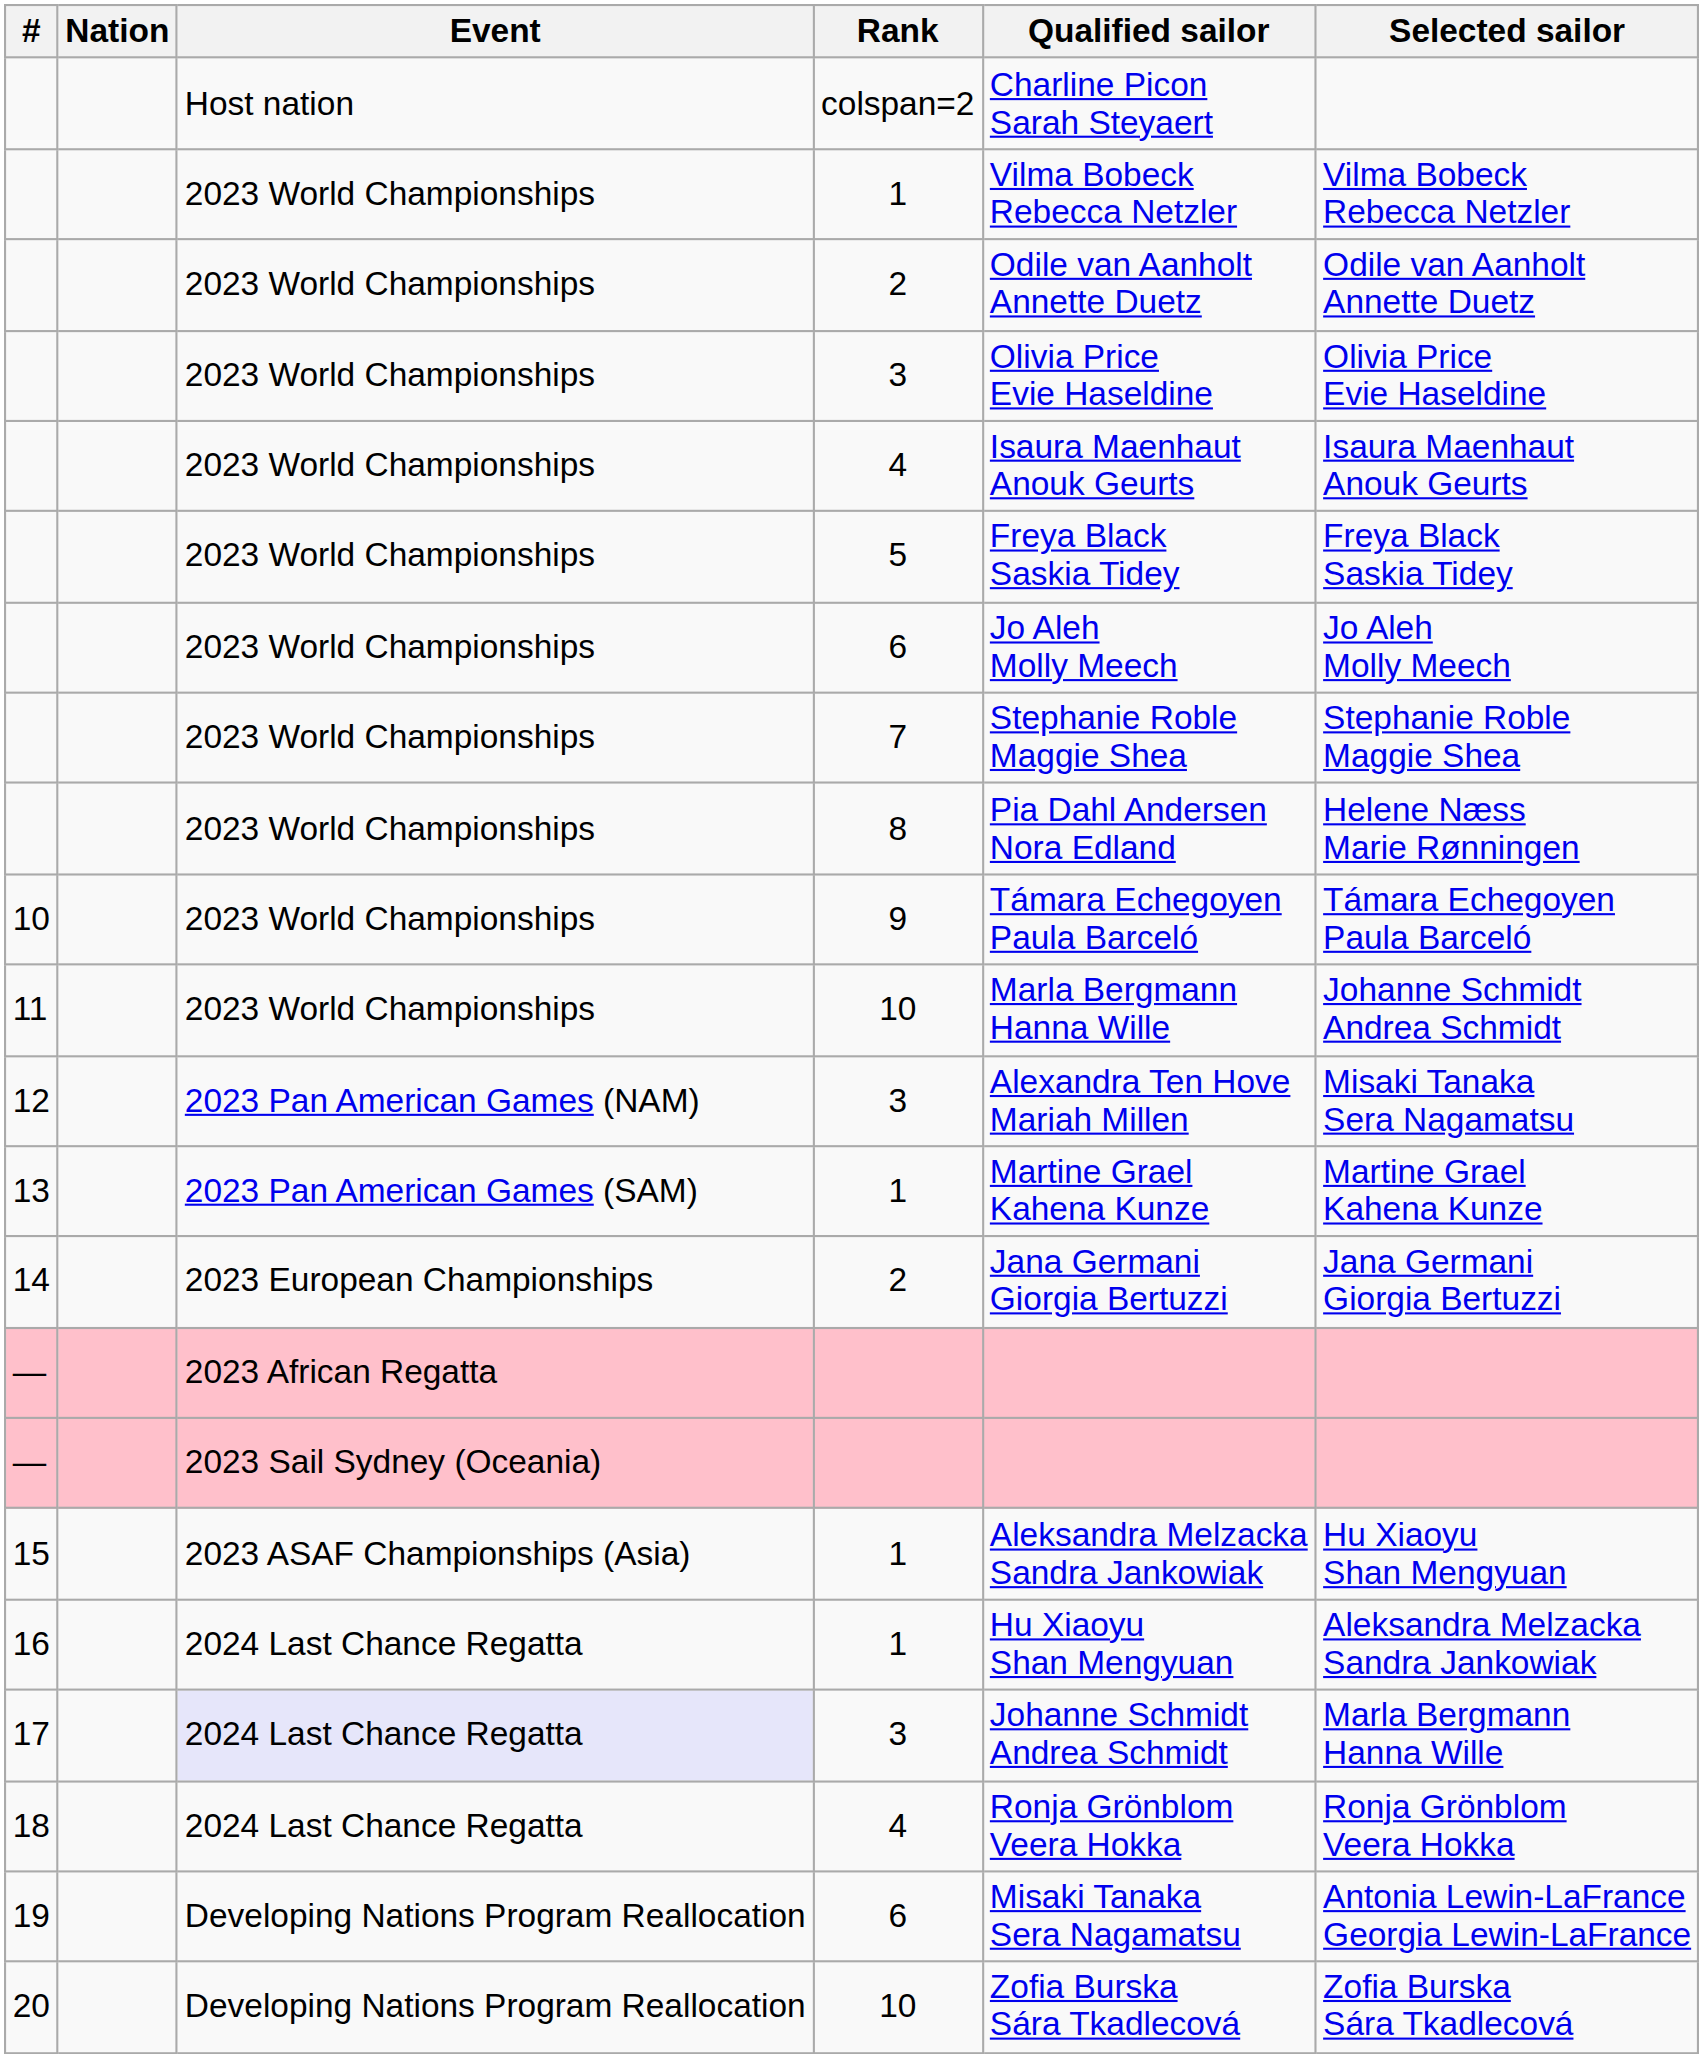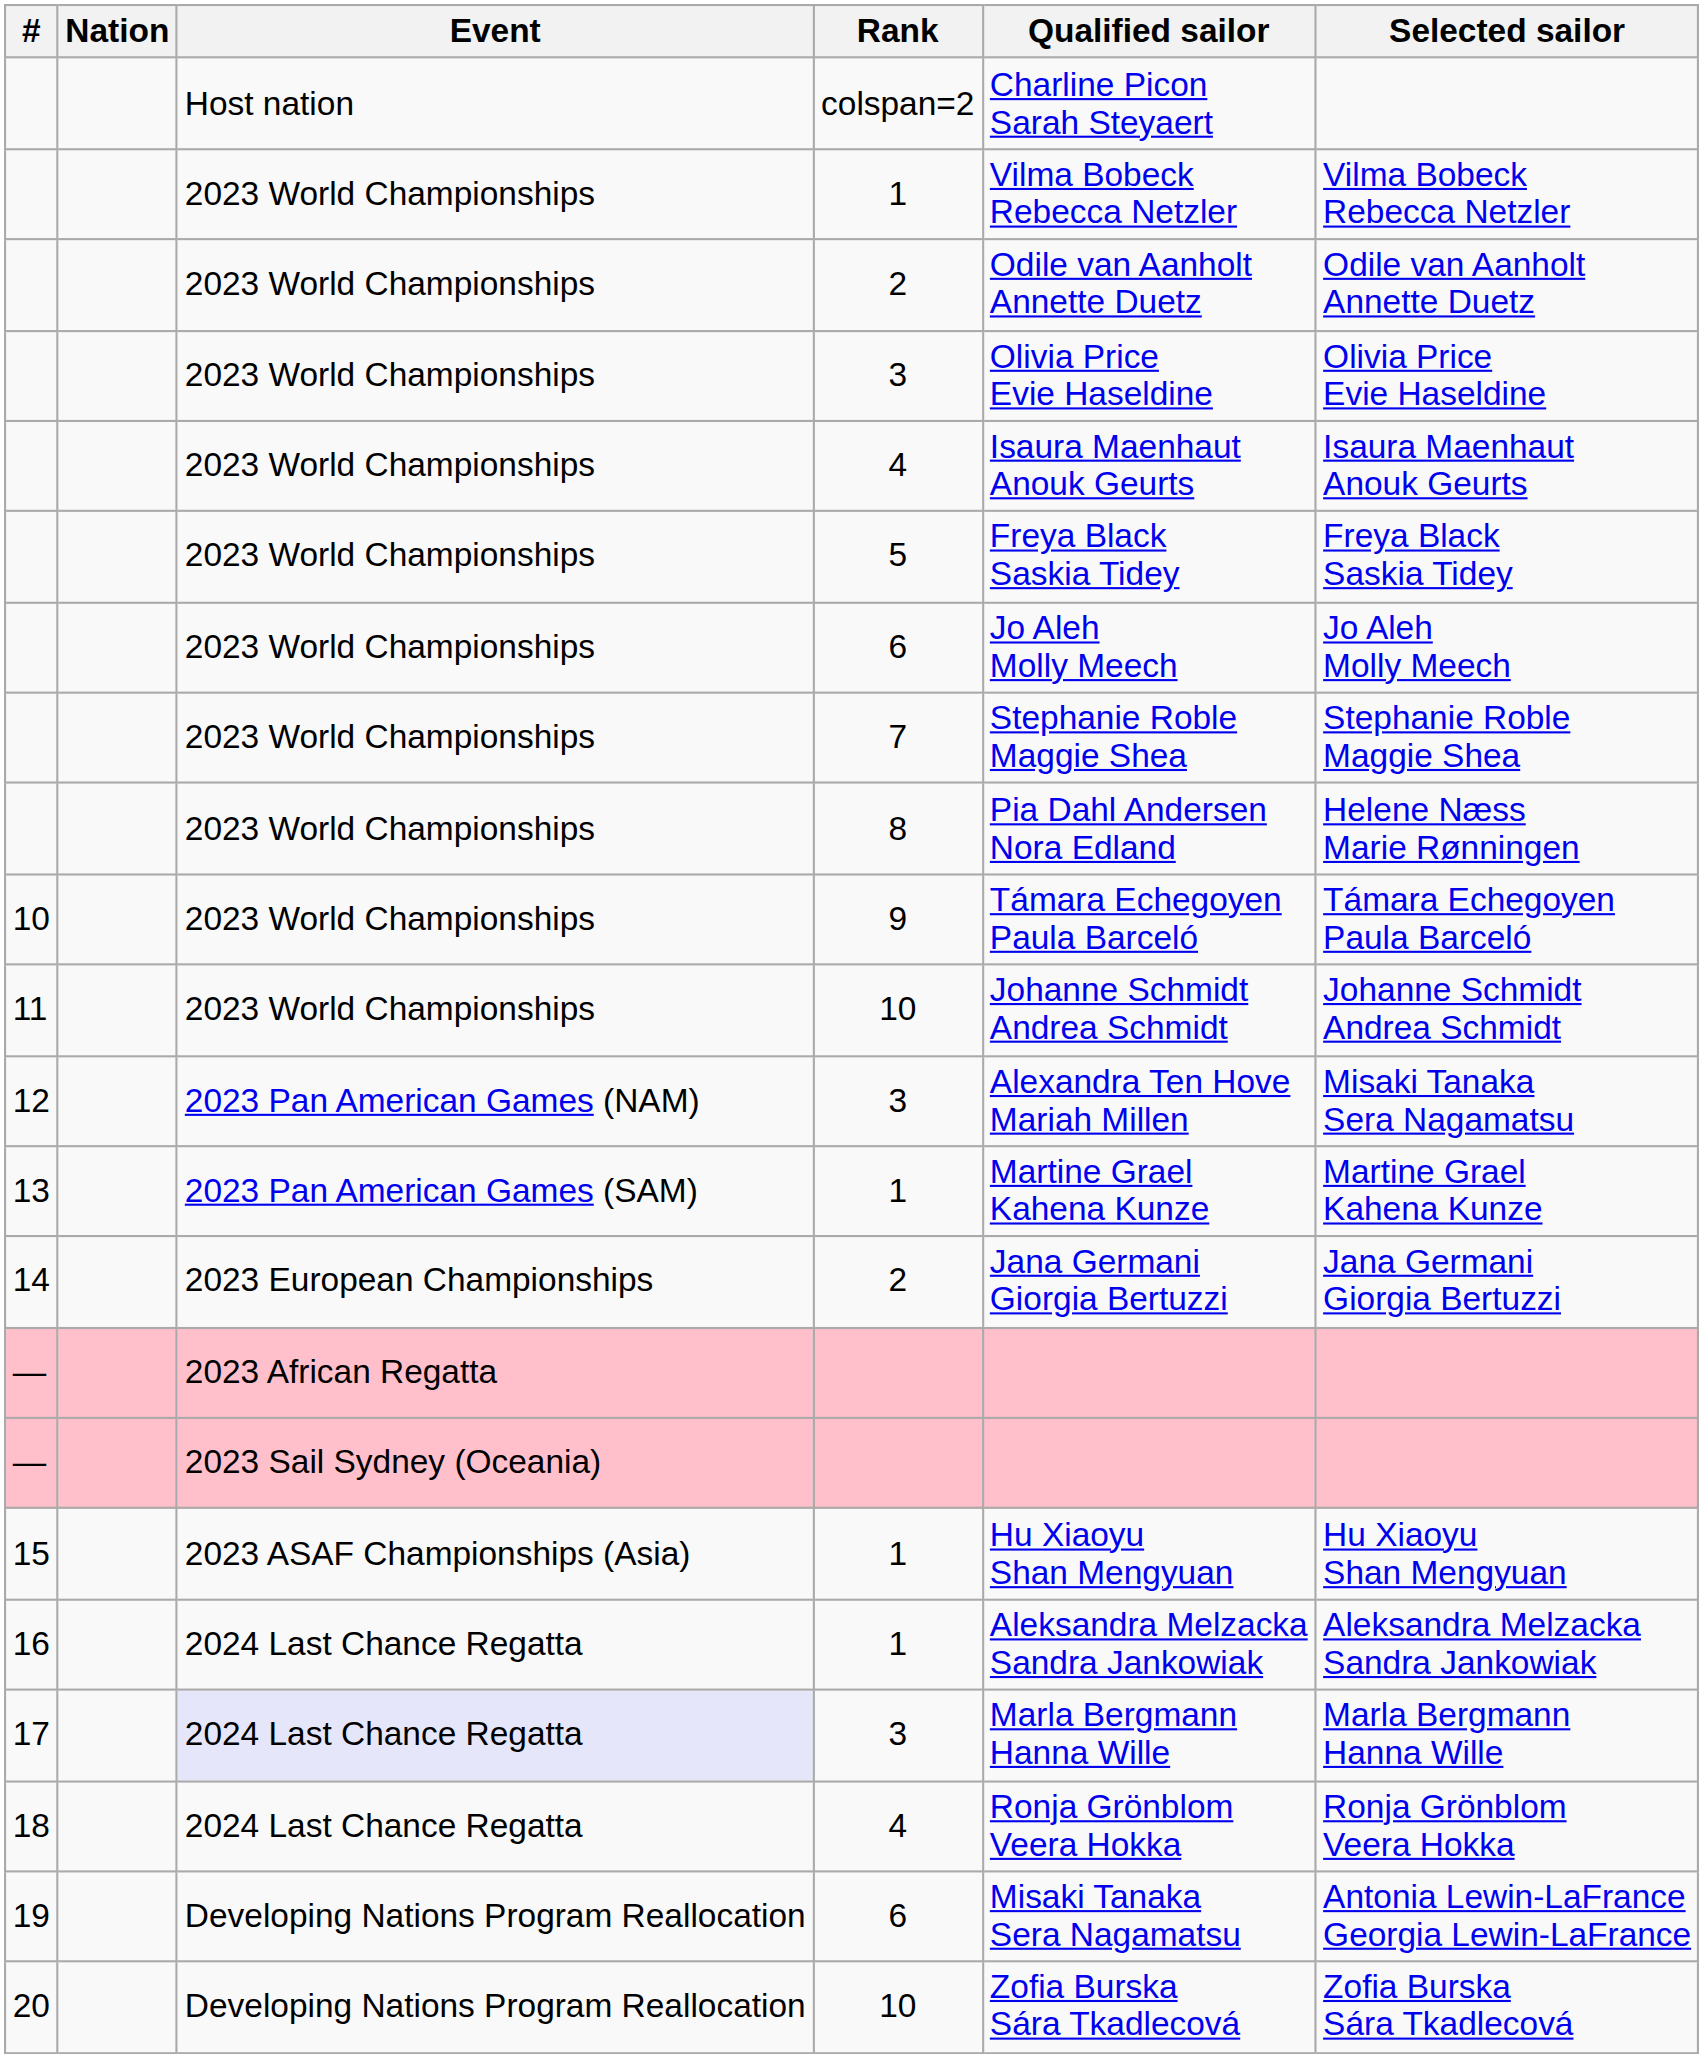 <table class="sortable wikitable">
 <tr>
 <th>#</th>
 <th>Nation</th>
 <th>Event</th>
 <th>Rank</th>
 <th>Qualified sailor</th>
 <th>Selected sailor</th>
 </tr>
 <tr>
 <td></td>
 <td></td>
 <td>Host nation</td>
 <td>colspan=2 </td>
 <td><a href='#'>Charline Picon</a><br><a href='#'>Sarah Steyaert</a></td>
 </tr>
 <tr>
 <td></td>
 <td></td>
 <td>2023 World Championships</td>
 <td align=center>1</td>
 <td><a href='#'>Vilma Bobeck</a><br><a href='#'>Rebecca Netzler</a></td>
 <td><a href='#'>Vilma Bobeck</a><br><a href='#'>Rebecca Netzler</a></td>
 </tr>
 <tr>
 <td></td>
 <td></td>
 <td>2023 World Championships</td>
 <td align=center>2</td>
 <td><a href='#'>Odile van Aanholt</a><br><a href='#'>Annette Duetz</a></td>
 <td><a href='#'>Odile van Aanholt</a><br><a href='#'>Annette Duetz</a></td>
 </tr>
 <tr>
 <td></td>
 <td></td>
 <td>2023 World Championships</td>
 <td align=center>3</td>
 <td><a href='#'>Olivia Price</a><br><a href='#'>Evie Haseldine</a></td>
 <td><a href='#'>Olivia Price</a><br><a href='#'>Evie Haseldine</a></td>
 </tr>
 <tr>
 <td></td>
 <td></td>
 <td>2023 World Championships</td>
 <td align=center>4</td>
 <td><a href='#'>Isaura Maenhaut</a><br><a href='#'>Anouk Geurts</a></td>
 <td><a href='#'>Isaura Maenhaut</a><br><a href='#'>Anouk Geurts</a></td>
 </tr>
 <tr>
 <td></td>
 <td></td>
 <td>2023 World Championships</td>
 <td align=center>5</td>
 <td><a href='#'>Freya Black</a><br><a href='#'>Saskia Tidey</a></td>
 <td><a href='#'>Freya Black</a><br><a href='#'>Saskia Tidey</a></td>
 </tr>
 <tr>
 <td></td>
 <td></td>
 <td>2023 World Championships</td>
 <td align=center>6</td>
 <td><a href='#'>Jo Aleh</a><br><a href='#'>Molly Meech</a></td>
 <td><a href='#'>Jo Aleh</a><br><a href='#'>Molly Meech</a></td>
 </tr>
 <tr>
 <td></td>
 <td></td>
 <td>2023 World Championships</td>
 <td align=center>7</td>
 <td><a href='#'>Stephanie Roble</a><br><a href='#'>Maggie Shea</a></td>
 <td><a href='#'>Stephanie Roble</a><br><a href='#'>Maggie Shea</a></td>
 </tr>
 <tr>
 <td></td>
 <td></td>
 <td>2023 World Championships</td>
 <td align=center>8</td>
 <td><a href='#'>Pia Dahl Andersen</a><br><a href='#'>Nora Edland</a></td>
 <td><a href='#'>Helene Næss</a><br><a href='#'>Marie Rønningen</a></td>
 </tr>
 <tr>
 <td>10</td>
 <td></td>
 <td>2023 World Championships</td>
 <td align=center>9</td>
 <td><a href='#'>Támara Echegoyen</a><br><a href='#'>Paula Barceló</a></td>
 <td><a href='#'>Támara Echegoyen</a><br><a href='#'>Paula Barceló</a></td>
 </tr>
 <tr>
 <td>11</td>
 <td></td>
 <td>2023 World Championships</td>
 <td align=center>10</td>
-<td><a href='#'>Marla Bergmann</a><br><a href='#'>Hanna Wille</a></td>
+<td><a href='#'>Johanne Schmidt</a><br><a href='#'>Andrea Schmidt</a></td>
 <td><a href='#'>Johanne Schmidt</a><br><a href='#'>Andrea Schmidt</a></td>
 </tr>
 <tr>
 <td>12</td>
 <td></td>
 <td><a href='#'>2023 Pan American Games</a> (NAM)</td>
 <td align=center>3</td>
 <td><a href='#'>Alexandra Ten Hove</a><br><a href='#'>Mariah Millen</a></td>
 <td><a href='#'>Misaki Tanaka</a><br><a href='#'>Sera Nagamatsu</a></td>
 </tr>
 <tr>
 <td>13</td>
 <td></td>
 <td><a href='#'>2023 Pan American Games</a> (SAM)</td>
 <td align=center>1</td>
 <td><a href='#'>Martine Grael</a><br><a href='#'>Kahena Kunze</a></td>
 <td><a href='#'>Martine Grael</a><br><a href='#'>Kahena Kunze</a></td>
 </tr>
 <tr>
 <td>14</td>
 <td></td>
 <td>2023 European Championships</td>
 <td align=center>2</td>
 <td><a href='#'>Jana Germani</a><br><a href='#'>Giorgia Bertuzzi</a></td>
 <td><a href='#'>Jana Germani</a><br><a href='#'>Giorgia Bertuzzi</a></td>
 </tr>
 <tr style="background:pink;">
 <td>—</td>
 <td></td>
 <td>2023 African Regatta</td>
 <td></td>
 <td> <br> </td>
 <td></td>
 </tr>
 <tr style="background:pink;">
 <td>—</td>
 <td></td>
 <td>2023 Sail Sydney (Oceania)</td>
 <td></td>
 <td> <br> </td>
 <td> <br> </td>
 </tr>
 <tr>
 <td>15</td>
 <td></td>
 <td>2023 ASAF Championships (Asia)</td>
 <td align=center>1</td>
-<td><a href='#'>Aleksandra Melzacka</a><br><a href='#'>Sandra Jankowiak</a></td>
+<td><a href='#'>Hu Xiaoyu</a><br><a href='#'>Shan Mengyuan</a></td>
 <td><a href='#'>Hu Xiaoyu</a><br><a href='#'>Shan Mengyuan</a></td>
 </tr>
 <tr>
 <td>16</td>
 <td></td>
 <td>2024 Last Chance Regatta</td>
 <td align=center>1</td>
-<td><a href='#'>Hu Xiaoyu</a><br><a href='#'>Shan Mengyuan</a></td>
+<td><a href='#'>Aleksandra Melzacka</a><br><a href='#'>Sandra Jankowiak</a></td>
 <td><a href='#'>Aleksandra Melzacka</a><br><a href='#'>Sandra Jankowiak</a></td>
 </tr>
 <tr>
 <td>17</td>
 <td></td>
 <td style="background: lavender;">2024 Last Chance Regatta</td>
 <td align=center>3</td>
-<td><a href='#'>Johanne Schmidt</a><br><a href='#'>Andrea Schmidt</a></td>
+<td><a href='#'>Marla Bergmann</a><br><a href='#'>Hanna Wille</a></td>
 <td><a href='#'>Marla Bergmann</a><br><a href='#'>Hanna Wille</a></td>
 </tr>
 <tr>
 <td>18</td>
 <td></td>
 <td>2024 Last Chance Regatta</td>
 <td align=center>4</td>
 <td><a href='#'>Ronja Grönblom</a><br><a href='#'>Veera Hokka</a></td>
 <td><a href='#'>Ronja Grönblom</a><br><a href='#'>Veera Hokka</a></td>
 </tr>
 <tr>
 <td>19</td>
 <td></td>
 <td>Developing Nations Program Reallocation</td>
 <td align=center>6</td>
 <td><a href='#'>Misaki Tanaka</a><br><a href='#'>Sera Nagamatsu</a></td>
 <td><a href='#'>Antonia Lewin-LaFrance</a><br><a href='#'>Georgia Lewin-LaFrance</a></td>
 </tr>
 <tr>
 <td>20</td>
 <td></td>
 <td>Developing Nations Program Reallocation</td>
 <td align=center>10</td>
 <td><a href='#'>Zofia Burska</a><br><a href='#'>Sára Tkadlecová</a></td>
 <td><a href='#'>Zofia Burska</a><br><a href='#'>Sára Tkadlecová</a></td>
 </tr>
 </table>
